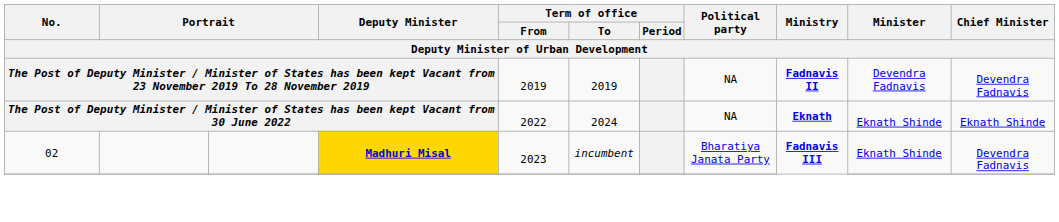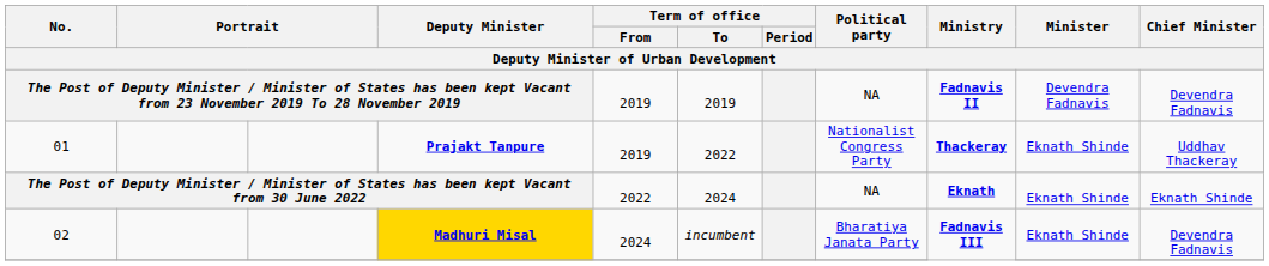 <table class="wikitable" style="text-align:center">
 <tr>
 <th rowspan="2">No.</th>
 <th rowspan="2" colspan="2">Portrait</th>
 <th rowspan="2" style="width:16em">Deputy Minister<br></th>
 <th colspan="3">Term of office</th>
 <th rowspan="2" style="width:8em">Political party</th>
 <th rowspan="2">Ministry</th>
 <th rowspan="2" style="width:9em">Minister</th>
 <th rowspan="2" style="width:9em">Chief Minister</th>
 </tr>
 <tr>
 <th style="width:6em">From</th>
 <th style="width:6em">To</th>
 <th>Period</th>
 </tr>
 <tr>
 <th colspan="11">Deputy Minister of Urban Development</th>
 </tr>
 <tr>
 <th colspan="04"><strong><em>The Post of Deputy Minister / Minister of States has been kept Vacant from 23 November 2019 To 28 November 2019</em></strong></th>
 <td><br>2019</td>
 <td><br>2019</td>
 <th></th>
 <td>NA</td>
 <td rowspan="1"><a href='#'><strong>Fadnavis II</strong></a></td>
 <td><a href='#'>Devendra Fadnavis</a></td>
 <td rowspan="1"> <br><a href='#'>Devendra Fadnavis</a></td>
 </tr>
 <tr>
+<td>01</td>
+<td style="color:inherit;background:"></td>
+<td></td>
+<td><strong><a href='#'>Prajakt Tanpure</a></strong> <br> </td>
+<td><br>2019</td>
+<td><br>2022</td>
+<th></th>
+<td><a href='#'>Nationalist Congress Party</a></td>
+<td rowspan="1"><a href='#'><strong>Thackeray</strong></a></td>
+<td><a href='#'>Eknath Shinde</a></td>
+<td rowspan="1"> <br><a href='#'>Uddhav Thackeray</a></td>
+</tr>
+<tr>
 <th colspan="04"><strong><em>The Post of Deputy Minister / Minister of States has been kept Vacant from 30 June 2022</em></strong></th>
 <td><br>2022</td>
 <td><br>2024</td>
 <th></th>
 <td>NA</td>
 <td rowspan="1"><a href='#'><strong>Eknath</strong></a></td>
 <td><br><a href='#'>Eknath Shinde</a></td>
 <td rowspan="1"> <br><a href='#'>Eknath Shinde</a></td>
 </tr>
 <tr>
 <td>02</td>
 <td style="color:inherit;background:"></td>
 <td></td>
 <td style="background: gold;"><strong><a href='#'>Madhuri Misal</a></strong> <br> </td>
-<td><br>2023</td>
+<td><br>2024</td>
 <td><em>incumbent</em></td>
 <th></th>
 <td><a href='#'>Bharatiya Janata Party</a></td>
 <td rowspan="2"><a href='#'><strong>Fadnavis III</strong></a></td>
 <td rowspan="1"><a href='#'>Eknath Shinde</a></td>
 <td rowspan="1"> <br><a href='#'>Devendra Fadnavis</a></td>
 </tr>
 <tr>
 </tr>
 </table>
